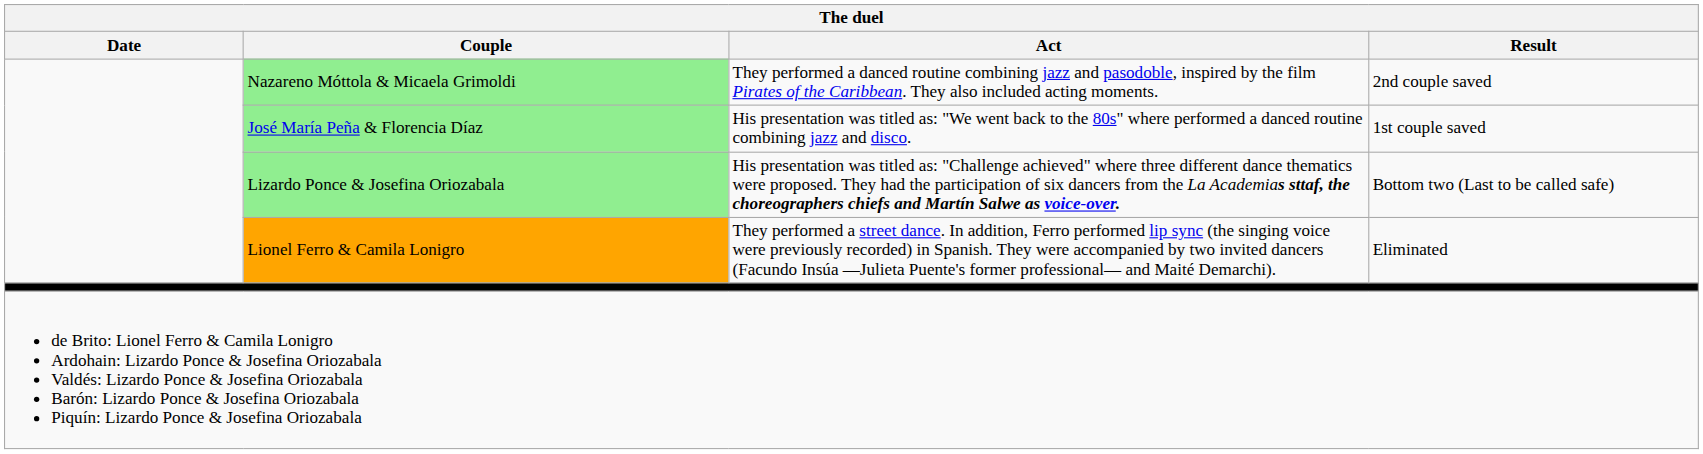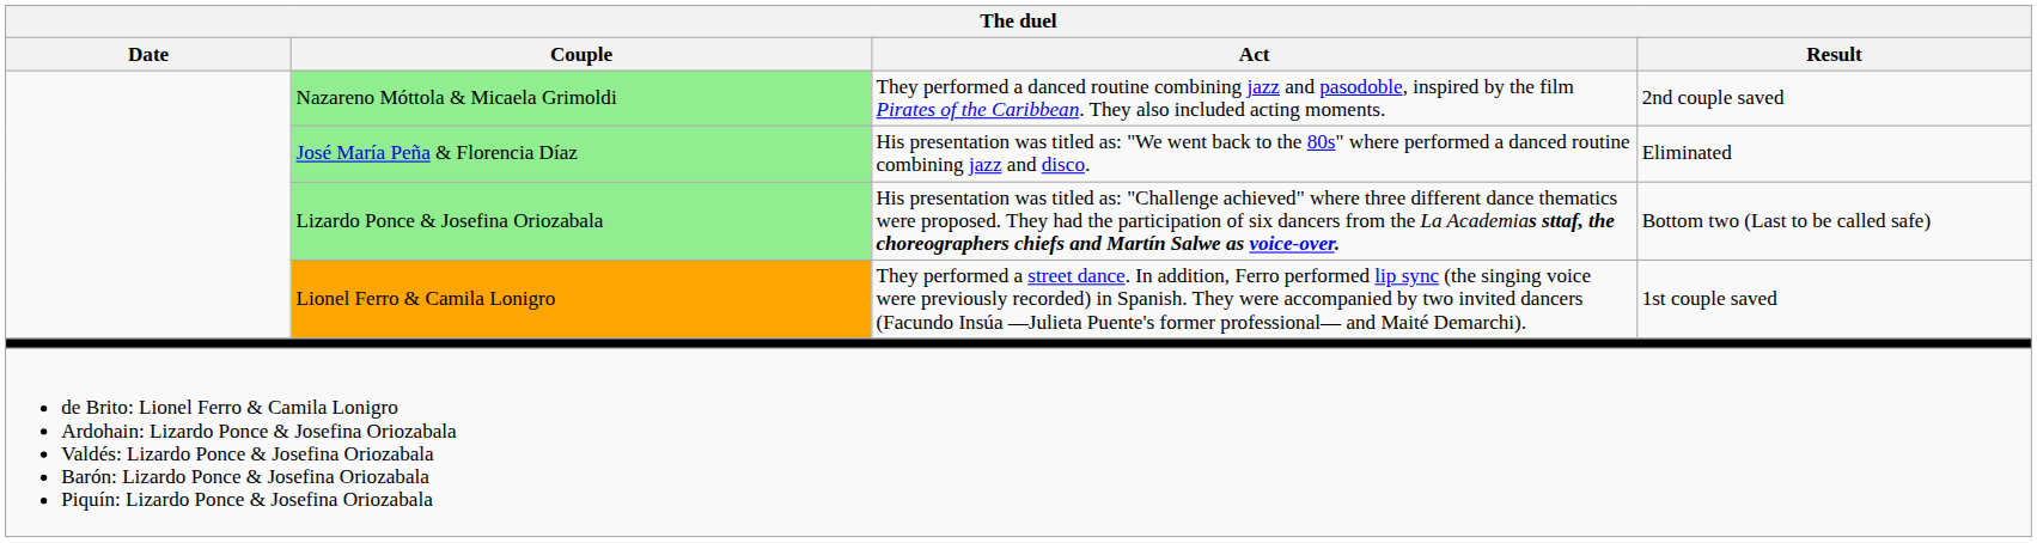 <table class="wikitable collapsible collapsed" style="text-align: align; width: 100%;">
 <tr>
 <th colspan="11" style="with: 100%;" align="center">The duel</th>
 </tr>
 <tr>
 <th width=85>Date</th>
 <th width=180>Couple</th>
 <th width=240>Act</th>
 <th width=120>Result</th>
 </tr>
 <tr>
 <td rowspan="4"></td>
 <td bgcolor="lightgreen">Nazareno Móttola & Micaela Grimoldi</td>
 <td>They performed a danced routine combining <a href='#'>jazz</a> and <a href='#'>pasodoble</a>, inspired by the film <em><a href='#'>Pirates of the Caribbean</a></em>. They also included acting moments.<br></td>
 <td>2nd couple saved</td>
 </tr>
 <tr>
 <td bgcolor="lightgreen"><a href='#'>José María Peña</a> & Florencia Díaz</td>
 <td>His presentation was titled as: "We went back to the <a href='#'>80s</a>" where performed a danced routine combining <a href='#'>jazz</a> and <a href='#'>disco</a>.<br></td>
-<td>1st couple saved</td>
+<td>Eliminated</td>
 </tr>
 <tr>
 <td bgcolor="lightgreen">Lizardo Ponce & Josefina Oriozabala</td>
 <td>His presentation was titled as: "Challenge achieved" where three different dance thematics were proposed. They had the participation of six dancers from the <em>La Academia<strong>s sttaf, the choreographers chiefs and Martín Salwe as <a href='#'>voice-over</a>.<br></td>
 <td>Bottom two (Last to be called safe)</td>
 </tr>
 <tr>
 <td bgcolor="orange">Lionel Ferro & Camila Lonigro</td>
 <td>They performed a <a href='#'>street dance</a>. In addition, Ferro performed <a href='#'>lip sync</a> (the singing voice were previously recorded) in Spanish. They were accompanied by two invited dancers (Facundo Insúa —Julieta Puente's former professional— and Maité Demarchi).<br></td>
-<td>Eliminated</td>
+<td>1st couple saved</td>
 </tr>
 <tr>
 <th style="background:black" colspan="4"></th>
 </tr>
 <tr>
 <td colspan="4"><br><ul><li>de Brito: Lionel Ferro & Camila Lonigro</li><li>Ardohain: Lizardo Ponce & Josefina Oriozabala</li><li>Valdés: Lizardo Ponce & Josefina Oriozabala</li><li>Barón: Lizardo Ponce & Josefina Oriozabala</li><li>Piquín: Lizardo Ponce & Josefina Oriozabala</li></ul></td>
 </tr>
 </table>
